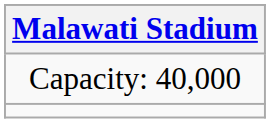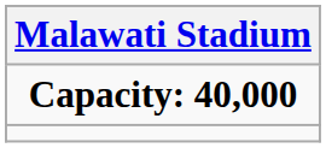 <table class="wikitable" style="text-align:center">
 <tr>
 <th><a href='#'>Malawati Stadium</a></th>
 </tr>
 <tr>
-<td>Capacity: 40,000</td>
+<td><strong>Capacity: 40,000</strong></td>
 </tr>
 <tr>
 <td></td>
 </tr>
 </table>
